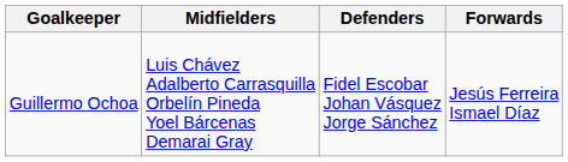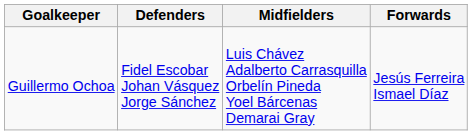 <table class="wikitable">
 <tr>
 <th>Goalkeeper</th>
+<th>Defenders</th>
 <th>Midfielders</th>
-<th>Defenders</th>
 <th>Forwards</th>
 </tr>
 <tr>
 <td><br> <a href='#'>Guillermo Ochoa</a></td>
+<td><br> <a href='#'>Fidel Escobar</a><br>  <a href='#'>Johan Vásquez</a><br>  <a href='#'>Jorge Sánchez</a></td>
 <td><br> <a href='#'>Luis Chávez</a><br>  <a href='#'>Adalberto Carrasquilla</a><br>  <a href='#'>Orbelín Pineda</a><br>  <a href='#'>Yoel Bárcenas</a><br>  <a href='#'>Demarai Gray</a></td>
-<td><br> <a href='#'>Fidel Escobar</a><br>  <a href='#'>Johan Vásquez</a><br>  <a href='#'>Jorge Sánchez</a></td>
 <td><br> <a href='#'>Jesús Ferreira</a><br>  <a href='#'>Ismael Díaz</a></td>
 </tr>
 </table>
